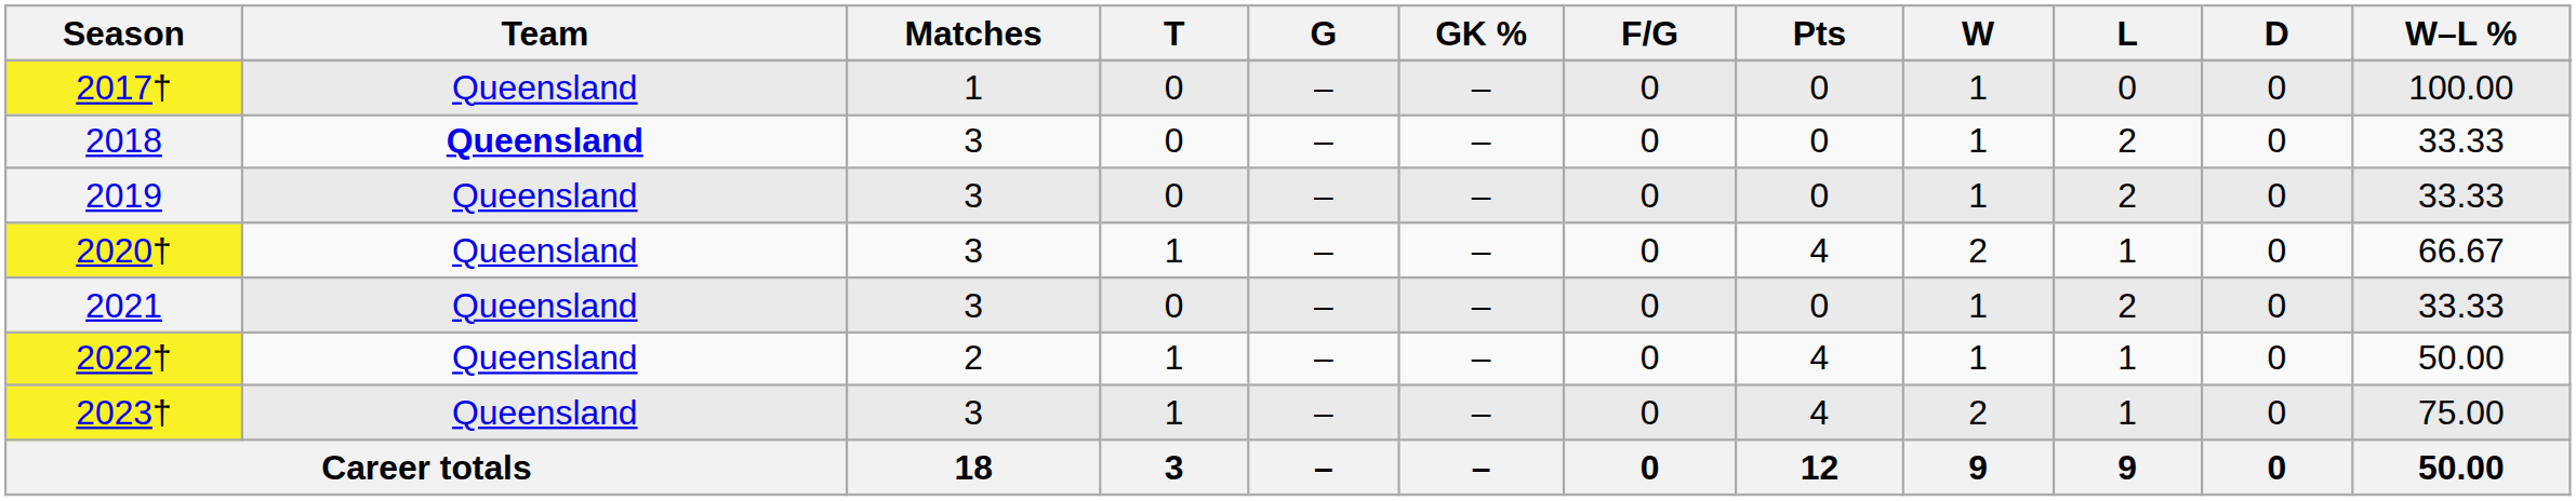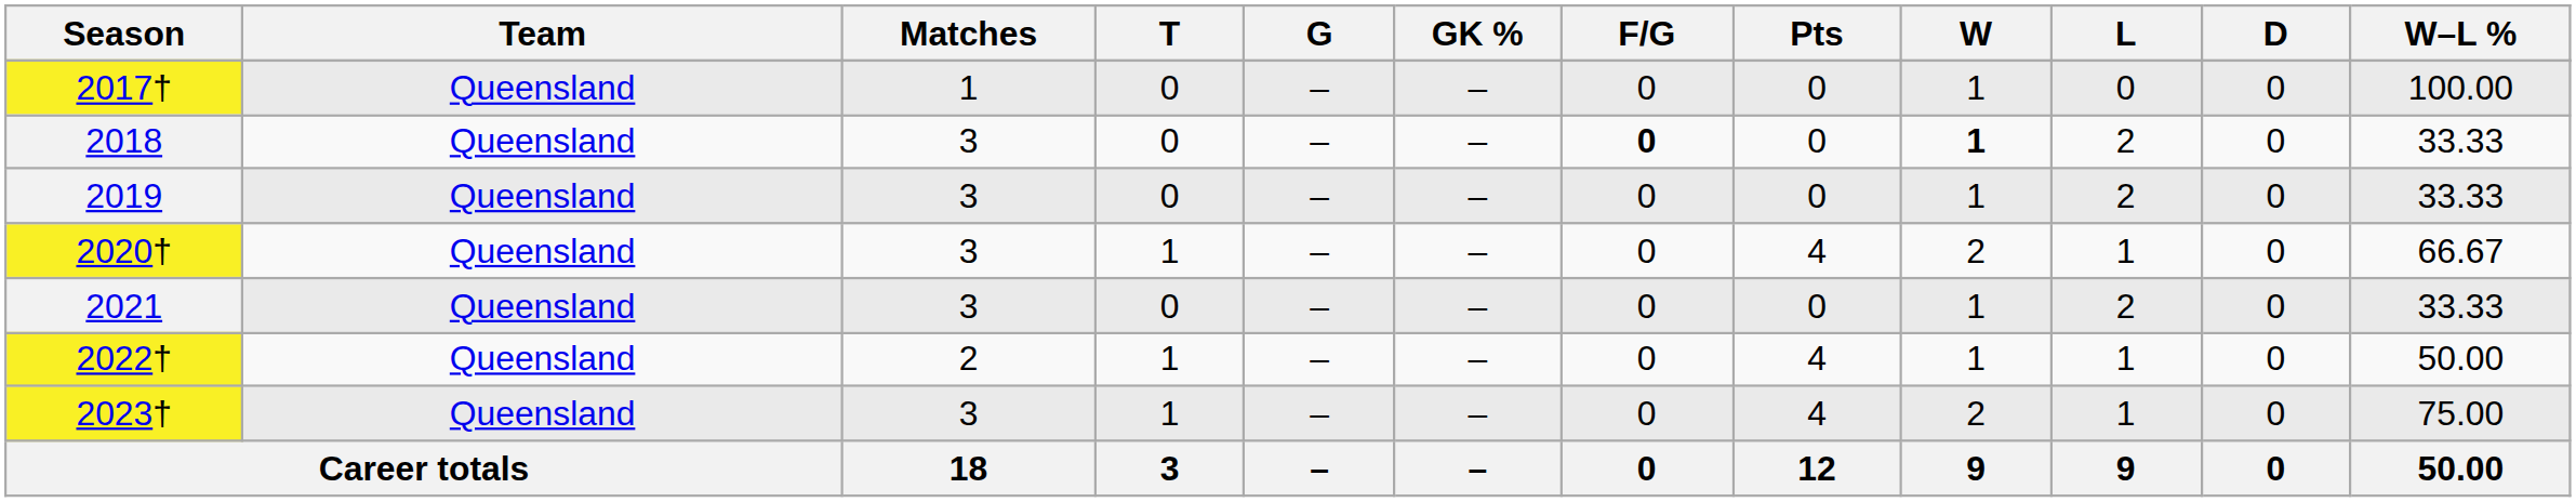 <table class="wikitable sortable"  style="font-size:90%; text-align:center; width:85%;">
 <tr>
 <th width=2%>Season</th>
 <th width=8%>Team</th>
 <th width=2%>Matches</th>
 <th width=2%>T</th>
 <th width=2%>G</th>
 <th width=2%>GK %</th>
 <th width=2%>F/G</th>
 <th width=2%>Pts</th>
 <th width=2%>W</th>
 <th width=2%>L</th>
 <th width=2%>D</th>
 <th width=2%>W–L %</th>
 </tr>
 <tr>
 </tr>
 <tr style="background-color: #EAEAEA">
 <th scope="row" style="text-align:center;background:#f9f025; font-weight:normal"><a href='#'>2017</a>†</th>
 <td style="text-align:center;"><a href='#'>Queensland</a></td>
 <td>1</td>
 <td>0</td>
 <td>–</td>
 <td>–</td>
 <td>0</td>
 <td>0</td>
 <td>1</td>
 <td>0</td>
 <td>0</td>
 <td>100.00</td>
 </tr>
 <tr>
 <th scope="row" style="text-align:center; font-weight:normal"><a href='#'>2018</a></th>
-<td style="text-align:center;"><strong><a href='#'>Queensland</a></strong></td>
+<td style="text-align:center;"><a href='#'>Queensland</a></td>
 <td>3</td>
 <td>0</td>
 <td>–</td>
 <td>–</td>
+<td><strong>0</strong></td>
 <td>0</td>
-<td>0</td>
-<td>1</td>
+<td><strong>1</strong></td>
 <td>2</td>
 <td>0</td>
 <td>33.33</td>
 </tr>
 <tr style="background-color: #EAEAEA">
 <th scope="row" style="text-align:center; font-weight:normal"><a href='#'>2019</a></th>
 <td><a href='#'>Queensland</a></td>
 <td>3</td>
 <td>0</td>
 <td>–</td>
 <td>–</td>
 <td>0</td>
 <td>0</td>
 <td>1</td>
 <td>2</td>
 <td>0</td>
 <td>33.33</td>
 </tr>
 <tr>
 <th scope="row" style="text-align:center;background:#f9f025; font-weight:normal"><a href='#'>2020</a>†</th>
 <td><a href='#'>Queensland</a></td>
 <td>3</td>
 <td>1</td>
 <td>–</td>
 <td>–</td>
 <td>0</td>
 <td>4</td>
 <td>2</td>
 <td>1</td>
 <td>0</td>
 <td>66.67</td>
 </tr>
 <tr style="background-color: #EAEAEA">
 <th scope="row" style="text-align:center; font-weight:normal"><a href='#'>2021</a></th>
 <td><a href='#'>Queensland</a></td>
 <td>3</td>
 <td>0</td>
 <td>–</td>
 <td>–</td>
 <td>0</td>
 <td>0</td>
 <td>1</td>
 <td>2</td>
 <td>0</td>
 <td>33.33</td>
 </tr>
 <tr>
 <th scope="row" style="text-align:center;background:#f9f025; font-weight:normal"><a href='#'>2022</a>†</th>
 <td><a href='#'>Queensland</a></td>
 <td>2</td>
 <td>1</td>
 <td>–</td>
 <td>–</td>
 <td>0</td>
 <td>4</td>
 <td>1</td>
 <td>1</td>
 <td>0</td>
 <td>50.00</td>
 </tr>
 <tr style="background-color: #EAEAEA">
 <th scope="row" style="text-align:center;background:#f9f025; font-weight:normal"><a href='#'>2023</a>†</th>
 <td><a href='#'>Queensland</a></td>
 <td>3</td>
 <td>1</td>
 <td>–</td>
 <td>–</td>
 <td>0</td>
 <td>4</td>
 <td>2</td>
 <td>1</td>
 <td>0</td>
 <td>75.00</td>
 </tr>
 <tr class="sortbottom">
 <th colspan="2">Career totals</th>
 <th>18</th>
 <th>3</th>
 <th>–</th>
 <th>–</th>
 <th>0</th>
 <th>12</th>
 <th>9</th>
 <th>9</th>
 <th>0</th>
 <th>50.00</th>
 </tr>
 </table>
